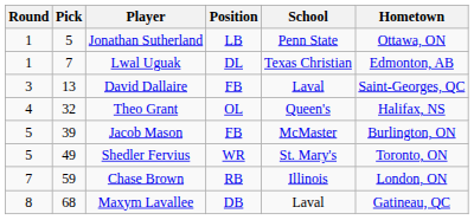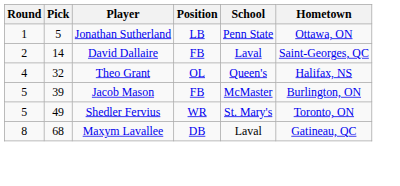 <table class="wikitable" style="font-size: 95%;">
 <tr>
 <th scope="col">Round</th>
 <th scope="col">Pick</th>
 <th scope="col">Player</th>
 <th scope="col">Position</th>
 <th scope="col">School</th>
 <th scope="col">Hometown</th>
 </tr>
 <tr align="center">
 <td align=center>1</td>
 <td>5</td>
 <td><a href='#'>Jonathan Sutherland</a></td>
 <td><a href='#'>LB</a></td>
 <td><a href='#'>Penn State</a></td>
 <td><a href='#'>Ottawa, ON</a></td>
 </tr>
 <tr align="center">
-<td align=center>1</td>
-<td>7</td>
-<td><a href='#'>Lwal Uguak</a></td>
-<td><a href='#'>DL</a></td>
-<td><a href='#'>Texas Christian</a></td>
-<td><a href='#'>Edmonton, AB</a></td>
-</tr>
-<tr align="center">
-<td align=center>3</td>
-<td>13</td>
+<td align=center>2</td>
+<td>14</td>
 <td><a href='#'>David Dallaire</a></td>
 <td><a href='#'>FB</a></td>
 <td><a href='#'>Laval</a></td>
 <td><a href='#'>Saint-Georges, QC</a></td>
 </tr>
 <tr align="center">
 <td align=center>4</td>
 <td>32</td>
 <td><a href='#'>Theo Grant</a></td>
 <td><a href='#'>OL</a></td>
 <td><a href='#'>Queen's</a></td>
 <td><a href='#'>Halifax, NS</a></td>
 </tr>
 <tr align="center">
 <td align=center>5</td>
 <td>39</td>
 <td><a href='#'>Jacob Mason</a></td>
 <td><a href='#'>FB</a></td>
 <td><a href='#'>McMaster</a></td>
 <td><a href='#'>Burlington, ON</a></td>
 </tr>
 <tr align="center">
 <td align=center>5</td>
 <td>49</td>
 <td><a href='#'>Shedler Fervius</a></td>
 <td><a href='#'>WR</a></td>
 <td><a href='#'>St. Mary's</a></td>
 <td><a href='#'>Toronto, ON</a></td>
 </tr>
 <tr align="center">
-<td align=center>7</td>
-<td>59</td>
-<td><a href='#'>Chase Brown</a></td>
-<td><a href='#'>RB</a></td>
-<td><a href='#'>Illinois</a></td>
-<td><a href='#'>London, ON</a></td>
-</tr>
-<tr align="center">
 <td align=center>8</td>
 <td>68</td>
 <td><a href='#'>Maxym Lavallee</a></td>
 <td><a href='#'>DB</a></td>
 <td>Laval</td>
 <td><a href='#'>Gatineau, QC</a></td>
 </tr>
 </table>
